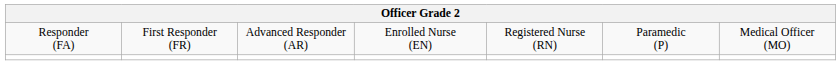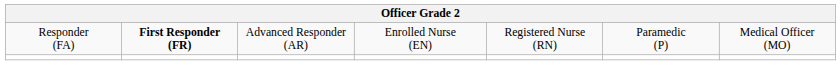 <table class="wikitable"  style="margin:0.5em auto; width:90%;">
 <tr>
 <th colspan=7>Officer Grade 2</th>
 </tr>
 <tr align=center>
 <td width="14%">Responder<br>(FA)</td>
-<td width="14%">First Responder<br>(FR)</td>
+<td width="14%"><strong>First Responder<br>(FR)</strong></td>
 <td width="14%">Advanced Responder<br>(AR)</td>
 <td width="16%">Enrolled Nurse<br>(EN)</td>
 <td width="14%">Registered Nurse<br>(RN)</td>
 <td width="14%">Paramedic<br>(P)</td>
 <td width="14%">Medical Officer<br>(MO)</td>
 </tr>
 <tr style="text-align:center; background: white;">
 <td></td>
 <td></td>
 <td></td>
 <td></td>
 <td></td>
 <td></td>
 <td></td>
 </tr>
 </table>
